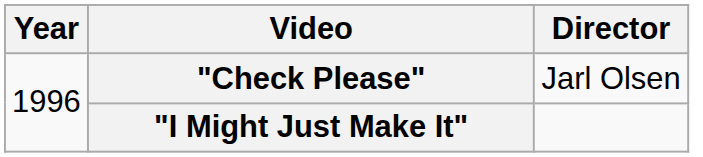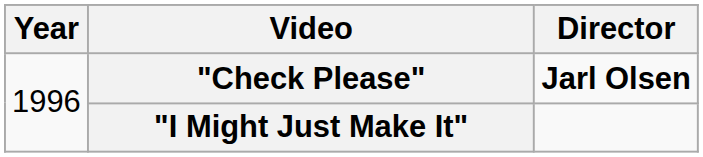 <table class="wikitable plainrowheaders">
 <tr>
 <th>Year</th>
 <th style="width:14em;">Video</th>
 <th>Director</th>
 </tr>
 <tr>
 <td rowspan="2">1996</td>
 <th scope="row">"Check Please"</th>
-<td>Jarl Olsen</td>
+<td><strong>Jarl Olsen</strong></td>
 </tr>
 <tr>
 <th scope="row">"I Might Just Make It"</th>
 <td></td>
 </tr>
 </table>
